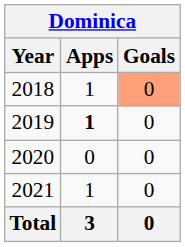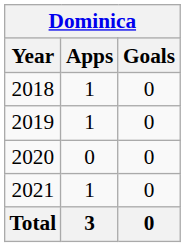 <table class="wikitable" style="text-align:center">
 <tr>
 <th colspan=3><a href='#'>Dominica</a></th>
 </tr>
 <tr>
 <th>Year</th>
 <th>Apps</th>
 <th>Goals</th>
 </tr>
 <tr>
 <td>2018</td>
 <td>1</td>
-<td style="background: lightsalmon;">0</td>
+<td>0</td>
 </tr>
 <tr>
 <td>2019</td>
-<td><strong>1</strong></td>
+<td>1</td>
 <td>0</td>
 </tr>
 <tr>
 <td>2020</td>
 <td>0</td>
 <td>0</td>
 </tr>
 <tr>
 <td>2021</td>
 <td>1</td>
 <td>0</td>
 </tr>
 <tr>
 <th>Total</th>
 <th>3</th>
 <th>0</th>
 </tr>
 </table>
